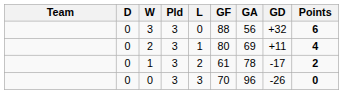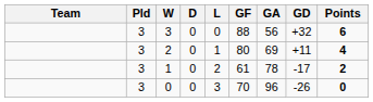 <table class=wikitable style="text-align:center" width=500>
 <tr>
 <th width=25%>Team</th>
+<th width=5%>Pld</th>
+<th width=5%>W</th>
 <th width=5%>D</th>
-<th width=5%>W</th>
-<th width=5%>Pld</th>
 <th width=5%>L</th>
 <th width=5%>GF</th>
 <th width=5%>GA</th>
 <th width=5%>GD</th>
 <th width=8%>Points</th>
 </tr>
 <tr>
 <td align="left"></td>
-<td>0</td>
 <td>3</td>
 <td>3</td>
+<td>0</td>
 <td>0</td>
 <td>88</td>
 <td>56</td>
 <td>+32</td>
 <td><strong>6</strong></td>
 </tr>
 <tr>
 <td align="left"></td>
+<td>3</td>
+<td>2</td>
 <td>0</td>
-<td>2</td>
-<td>3</td>
 <td>1</td>
 <td>80</td>
 <td>69</td>
 <td>+11</td>
 <td><strong>4</strong></td>
 </tr>
 <tr>
 <td align="left"></td>
+<td>3</td>
+<td>1</td>
 <td>0</td>
-<td>1</td>
-<td>3</td>
 <td>2</td>
 <td>61</td>
 <td>78</td>
 <td>-17</td>
 <td><strong>2</strong></td>
 </tr>
 <tr>
 <td align="left"></td>
+<td>3</td>
 <td>0</td>
 <td>0</td>
-<td>3</td>
 <td>3</td>
 <td>70</td>
 <td>96</td>
 <td>-26</td>
 <td><strong>0</strong></td>
 </tr>
 </table>
